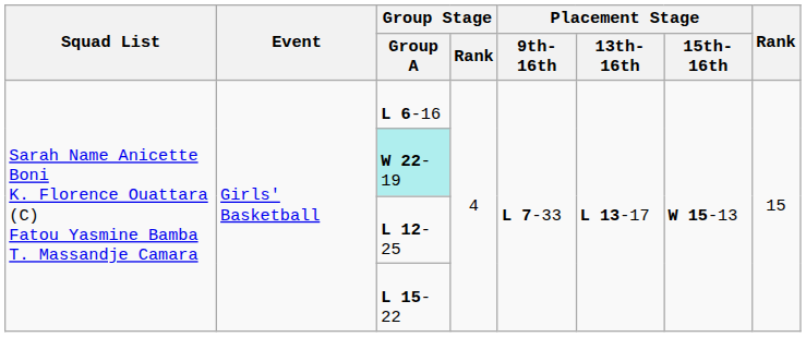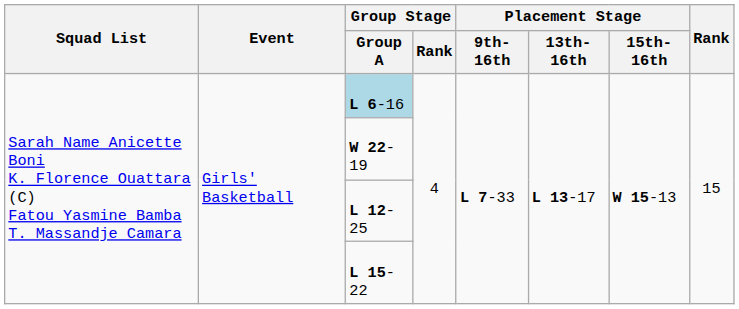 <table class="wikitable" width="90%" style="text-align:left; font-size:90%">
 <tr>
 <th rowspan="2">Squad List</th>
 <th rowspan="2">Event</th>
 <th colspan="2">Group Stage</th>
 <th colspan="3">Placement Stage</th>
 <th rowspan="2">Rank</th>
 </tr>
 <tr>
 <th>Group A</th>
 <th>Rank</th>
 <th>9th-16th</th>
 <th>13th-16th</th>
 <th>15th-16th</th>
 </tr>
 <tr>
 <td rowspan="4"><a href='#'>Sarah Name Anicette Boni</a><br><a href='#'>K. Florence Ouattara</a> (C)<br><a href='#'>Fatou Yasmine Bamba</a><br><a href='#'>T. Massandje Camara</a></td>
 <td rowspan="4"><a href='#'>Girls' Basketball</a></td>
-<td><br> <strong>L</strong> <strong>6</strong>-16</td>
+<td style="background: lightblue;"><br> <strong>L</strong> <strong>6</strong>-16</td>
 <td rowspan="4" align=center>4</td>
 <td rowspan="4"> <br> <strong>L</strong> <strong>7</strong>-33</td>
 <td rowspan="4"> <br> <strong>L</strong> <strong>13</strong>-17</td>
 <td rowspan="4"> <br> <strong>W</strong> <strong>15</strong>-13</td>
 <td rowspan="4" align="center">15</td>
 </tr>
 <tr>
-<td style="background: paleturquoise;"><br> <strong>W</strong> <strong>22</strong>-19</td>
+<td><br> <strong>W</strong> <strong>22</strong>-19</td>
 </tr>
 <tr>
 <td><br> <strong>L</strong> <strong>12</strong>-25</td>
 </tr>
 <tr>
 <td><br> <strong>L</strong> <strong>15</strong>-22</td>
 </tr>
 </table>
